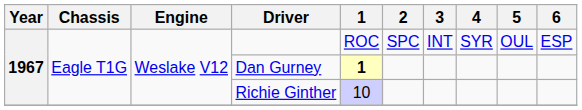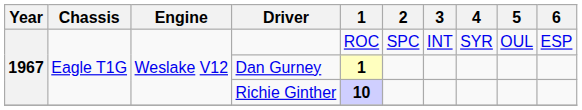 <table class="wikitable" style="text-align:center; font-size:85%">
 <tr>
 <th>Year</th>
 <th>Chassis</th>
 <th>Engine</th>
 <th>Driver</th>
 <th>1</th>
 <th>2</th>
 <th>3</th>
 <th>4</th>
 <th>5</th>
 <th>6</th>
 </tr>
 <tr>
 <th rowspan="3">1967</th>
 <td rowspan="3"><a href='#'>Eagle T1G</a></td>
 <td rowspan="3"><a href='#'>Weslake</a> <a href='#'>V12</a></td>
 <td></td>
 <td><a href='#'>ROC</a></td>
 <td><a href='#'>SPC</a></td>
 <td><a href='#'>INT</a></td>
 <td><a href='#'>SYR</a></td>
 <td><a href='#'>OUL</a></td>
 <td><a href='#'>ESP</a></td>
 </tr>
 <tr>
 <td align="left"> <a href='#'>Dan Gurney</a></td>
 <td style="background:#FFFFBF;"><strong>1</strong></td>
 <td></td>
 <td></td>
 <td></td>
 <td></td>
 <td></td>
 </tr>
 <tr>
 <td align="left"> <a href='#'>Richie Ginther</a></td>
-<td style="background:#CFCFFF;">10</td>
+<td style="background:#CFCFFF;"><strong>10</strong></td>
 <td></td>
 <td></td>
 <td></td>
 <td></td>
 <td></td>
 </tr>
 <tr>
 </tr>
 </table>
